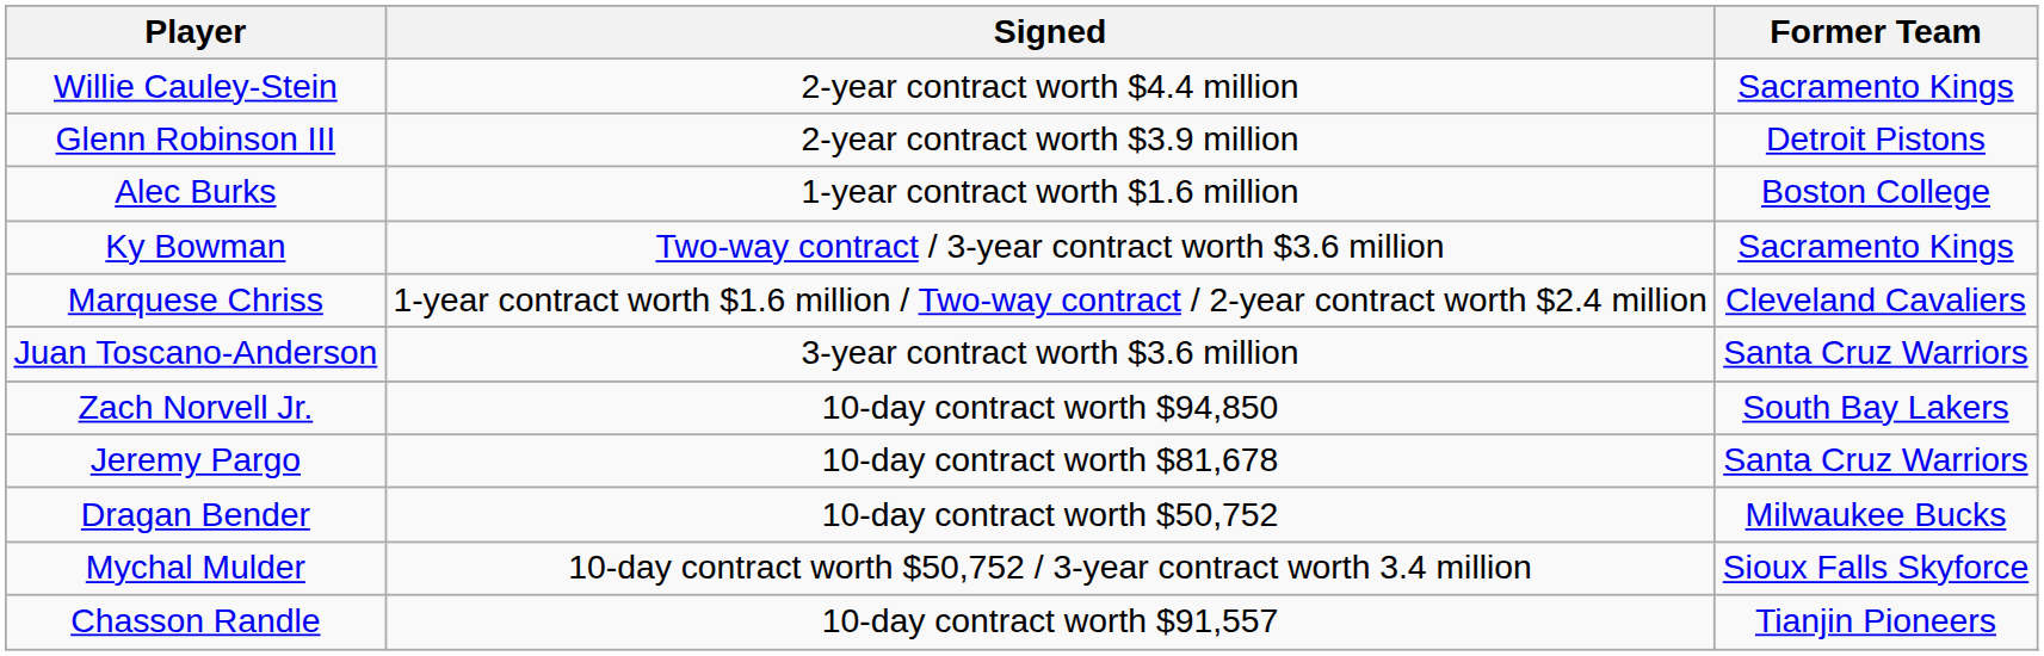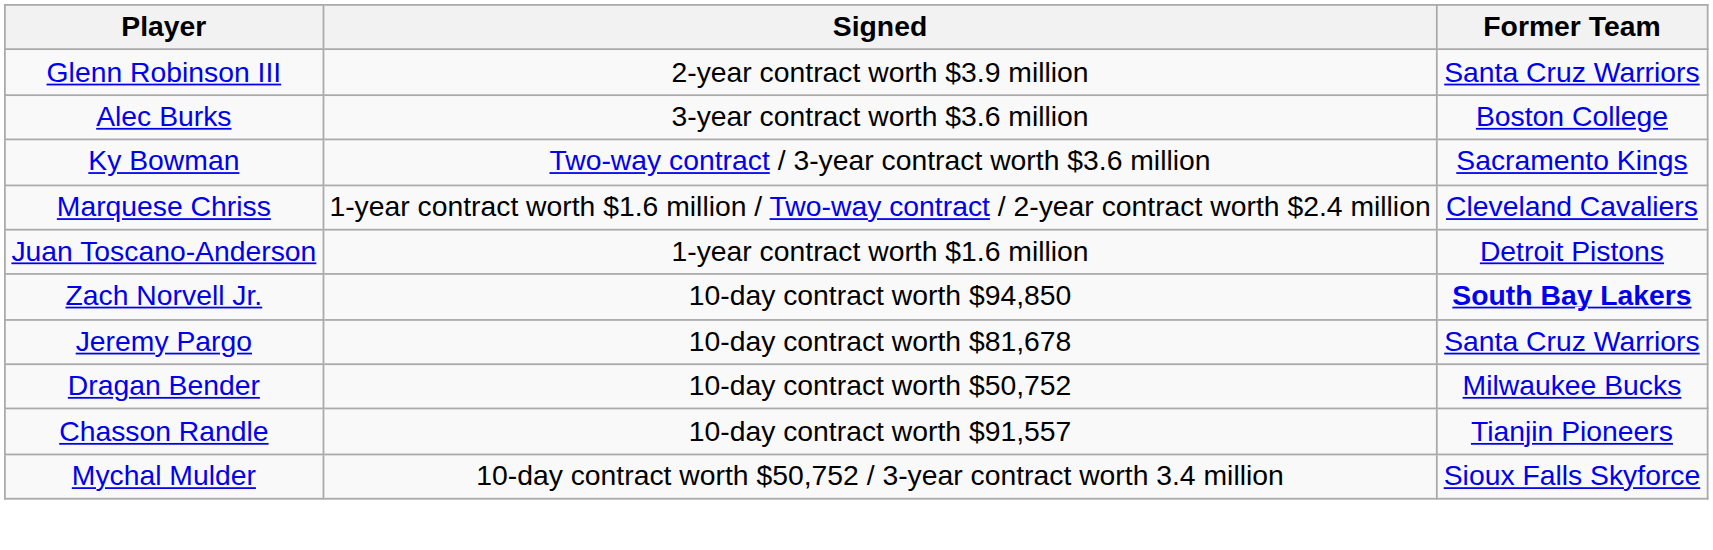 <table class="wikitable sortable sortable" style="text-align: center">
 <tr>
 <th>Player</th>
 <th>Signed</th>
 <th>Former Team</th>
 </tr>
 <tr style="text-align: center">
-<td><a href='#'>Willie Cauley-Stein</a></td>
-<td>2-year contract worth $4.4 million</td>
-<td><a href='#'>Sacramento Kings</a></td>
-</tr>
-<tr style="text-align: center">
 <td><a href='#'>Glenn Robinson III</a></td>
 <td>2-year contract worth $3.9 million</td>
-<td><a href='#'>Detroit Pistons</a></td>
+<td><a href='#'>Santa Cruz Warriors</a></td>
 </tr>
 <tr style="text-align: center">
 <td><a href='#'>Alec Burks</a></td>
-<td>1-year contract worth $1.6 million</td>
+<td>3-year contract worth $3.6 million</td>
 <td><a href='#'>Boston College</a></td>
 </tr>
 <tr style="text-align: center">
 <td><a href='#'>Ky Bowman</a></td>
 <td><a href='#'>Two-way contract</a> / 3-year contract worth $3.6 million</td>
 <td><a href='#'>Sacramento Kings</a></td>
 </tr>
 <tr style="text-align: center">
 <td><a href='#'>Marquese Chriss</a></td>
 <td>1-year contract worth $1.6 million / <a href='#'>Two-way contract</a> / 2-year contract worth $2.4 million</td>
 <td><a href='#'>Cleveland Cavaliers</a></td>
 </tr>
 <tr style="text-align: center">
 <td><a href='#'>Juan Toscano-Anderson</a></td>
-<td>3-year contract worth $3.6 million</td>
-<td><a href='#'>Santa Cruz Warriors</a></td>
+<td>1-year contract worth $1.6 million</td>
+<td><a href='#'>Detroit Pistons</a></td>
 </tr>
 <tr style="text-align: center">
 <td><a href='#'>Zach Norvell Jr.</a></td>
 <td>10-day contract worth $94,850</td>
-<td><a href='#'>South Bay Lakers</a></td>
+<td><strong><a href='#'>South Bay Lakers</a></strong></td>
 </tr>
 <tr style="text-align: center">
 <td><a href='#'>Jeremy Pargo</a></td>
 <td>10-day contract worth $81,678</td>
 <td><a href='#'>Santa Cruz Warriors</a></td>
 </tr>
 <tr style="text-align: center">
 <td><a href='#'>Dragan Bender</a></td>
 <td>10-day contract worth $50,752</td>
 <td><a href='#'>Milwaukee Bucks</a></td>
 </tr>
 <tr style="text-align: center">
+<td><a href='#'>Chasson Randle</a></td>
+<td>10-day contract worth $91,557</td>
+<td> <a href='#'>Tianjin Pioneers</a></td>
+</tr>
+<tr style="text-align: center">
 <td><a href='#'>Mychal Mulder</a></td>
 <td>10-day contract worth $50,752 / 3-year contract worth 3.4 million</td>
 <td><a href='#'>Sioux Falls Skyforce</a></td>
 </tr>
-<tr style="text-align: center">
-<td><a href='#'>Chasson Randle</a></td>
-<td>10-day contract worth $91,557</td>
-<td> <a href='#'>Tianjin Pioneers</a></td>
-</tr>
 </table>
